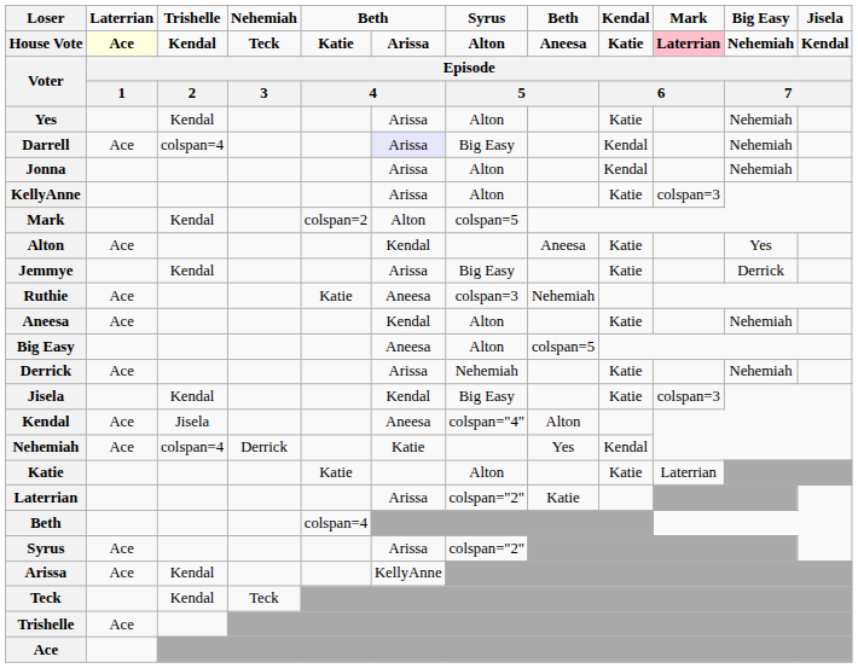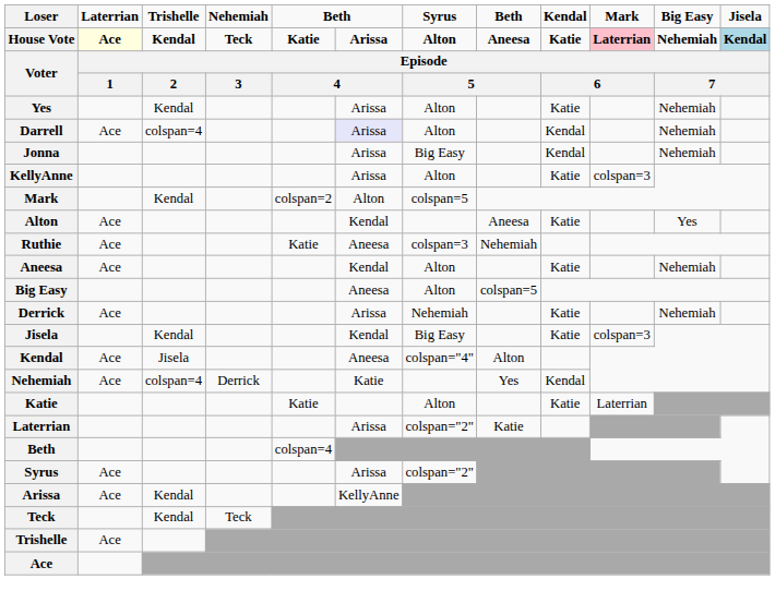 <table class="wikitable" style="text-align:center; font-size:90%; white-space:nowrap;">
 <tr>
 <th>Loser</th>
 <td><strong>Laterrian</strong><br></td>
 <td><strong>Trishelle</strong><br></td>
 <td><strong>Nehemiah</strong><br></td>
 <td colspan=2><strong>Beth</strong><br></td>
 <td><strong>Syrus</strong><br></td>
 <td><strong>Beth</strong><br></td>
 <td><strong>Kendal</strong><br></td>
 <td><strong>Mark</strong><br></td>
 <td><strong>Big Easy</strong><br></td>
 <td><strong>Jisela</strong><br></td>
 </tr>
 <tr>
 <th>House Vote</th>
 <td style="background: lightyellow;"><strong>Ace</strong><br></td>
 <td><strong>Kendal</strong><br></td>
 <td><strong>Teck</strong><br></td>
 <td><strong>Katie</strong><br></td>
 <td><strong>Arissa</strong><br></td>
 <td><strong>Alton</strong><br></td>
 <td><strong>Aneesa</strong><br></td>
 <td><strong>Katie</strong><br></td>
 <td style="background: pink;"><strong>Laterrian</strong><br></td>
 <td><strong>Nehemiah</strong><br></td>
-<td><strong>Kendal</strong><br></td>
+<td style="background: lightblue;"><strong>Kendal</strong><br></td>
 </tr>
 <tr>
 <th rowspan=2>Voter</th>
 <th colspan=11>Episode</th>
 </tr>
 <tr>
 <th>1</th>
 <th>2</th>
 <th>3</th>
 <th colspan="2">4</th>
 <th colspan="2">5</th>
 <th colspan="2">6</th>
 <th colspan="2">7</th>
 </tr>
 <tr>
 <th>Yes</th>
 <td></td>
 <td>Kendal</td>
 <td></td>
 <td></td>
 <td>Arissa</td>
 <td>Alton</td>
 <td></td>
 <td>Katie</td>
 <td></td>
 <td>Nehemiah</td>
 <td></td>
 </tr>
 <tr>
 <th>Darrell</th>
 <td>Ace</td>
 <td>colspan=4 </td>
 <td></td>
 <td></td>
 <td style="background: lavender;">Arissa</td>
-<td>Big Easy</td>
+<td>Alton</td>
 <td></td>
 <td>Kendal</td>
 <td></td>
 <td>Nehemiah</td>
 <td></td>
 </tr>
 <tr>
 <th>Jonna</th>
 <td></td>
 <td></td>
 <td></td>
 <td></td>
 <td>Arissa</td>
-<td>Alton</td>
+<td>Big Easy</td>
 <td></td>
 <td>Kendal</td>
 <td></td>
 <td>Nehemiah</td>
 <td></td>
 </tr>
 <tr>
 <th>KellyAnne</th>
 <td></td>
 <td></td>
 <td></td>
 <td></td>
 <td>Arissa</td>
 <td>Alton</td>
 <td></td>
 <td>Katie</td>
 <td>colspan=3 </td>
 </tr>
 <tr>
 <th>Mark</th>
 <td></td>
 <td>Kendal</td>
 <td></td>
 <td>colspan=2 </td>
 <td>Alton</td>
 <td>colspan=5 </td>
 </tr>
 <tr>
 <th>Alton</th>
 <td>Ace</td>
 <td></td>
 <td></td>
 <td></td>
 <td>Kendal</td>
 <td></td>
 <td>Aneesa</td>
 <td>Katie</td>
 <td></td>
 <td>Yes</td>
-<td></td>
-</tr>
-<tr>
-<th>Jemmye</th>
-<td></td>
-<td>Kendal</td>
-<td></td>
-<td></td>
-<td>Arissa</td>
-<td>Big Easy</td>
-<td></td>
-<td>Katie</td>
-<td></td>
-<td>Derrick</td>
 <td></td>
 </tr>
 <tr>
 <th>Ruthie</th>
 <td>Ace</td>
 <td></td>
 <td></td>
 <td>Katie</td>
 <td>Aneesa</td>
 <td>colspan=3 </td>
 <td>Nehemiah</td>
 <td></td>
 </tr>
 <tr>
 <th>Aneesa</th>
 <td>Ace</td>
 <td></td>
 <td></td>
 <td></td>
 <td>Kendal</td>
 <td>Alton</td>
 <td></td>
 <td>Katie</td>
 <td></td>
 <td>Nehemiah</td>
 <td></td>
 </tr>
 <tr>
 <th>Big Easy</th>
 <td></td>
 <td></td>
 <td></td>
 <td></td>
 <td>Aneesa</td>
 <td>Alton</td>
 <td>colspan=5 </td>
 </tr>
 <tr>
 <th>Derrick</th>
 <td>Ace</td>
 <td></td>
 <td></td>
 <td></td>
 <td>Arissa</td>
 <td>Nehemiah</td>
 <td></td>
 <td>Katie</td>
 <td></td>
 <td>Nehemiah</td>
 <td></td>
 </tr>
 <tr>
 <th>Jisela</th>
 <td></td>
 <td>Kendal</td>
 <td></td>
 <td></td>
 <td>Kendal</td>
 <td>Big Easy</td>
 <td></td>
 <td>Katie</td>
 <td>colspan=3 </td>
 </tr>
 <tr>
 <th>Kendal</th>
 <td>Ace</td>
 <td>Jisela</td>
 <td></td>
 <td></td>
 <td>Aneesa</td>
 <td>colspan="4" </td>
 <td>Alton</td>
 <td></td>
 </tr>
 <tr>
 <th>Nehemiah</th>
 <td>Ace</td>
 <td>colspan=4 </td>
 <td>Derrick</td>
 <td></td>
 <td>Katie</td>
 <td></td>
 <td>Yes</td>
 <td>Kendal</td>
 </tr>
 <tr>
 <th>Katie</th>
 <td></td>
 <td></td>
 <td></td>
 <td>Katie</td>
 <td></td>
 <td>Alton</td>
 <td></td>
 <td>Katie</td>
 <td>Laterrian</td>
 <td style="background:darkgray" colspan=2></td>
 </tr>
 <tr>
 <th>Laterrian</th>
 <td></td>
 <td></td>
 <td></td>
 <td></td>
 <td>Arissa</td>
 <td>colspan="2" </td>
 <td>Katie</td>
 <td></td>
 <td style="background:darkgray" colspan=2></td>
 </tr>
 <tr>
 <th>Beth</th>
 <td></td>
 <td></td>
 <td></td>
 <td>colspan=4 </td>
 <td style="background:darkgray" colspan=4></td>
 </tr>
 <tr>
 <th>Syrus</th>
 <td>Ace</td>
 <td></td>
 <td></td>
 <td></td>
 <td>Arissa</td>
 <td>colspan="2" </td>
 <td style="background:darkgray" colspan=4></td>
 </tr>
 <tr>
 <th>Arissa</th>
 <td>Ace</td>
 <td>Kendal</td>
 <td></td>
 <td></td>
 <td>KellyAnne</td>
 <td style="background:darkgray" colspan=6></td>
 </tr>
 <tr>
 <th>Teck</th>
 <td></td>
 <td>Kendal</td>
 <td>Teck</td>
 <td style="background:darkgray" colspan=8></td>
 </tr>
 <tr>
 <th>Trishelle</th>
 <td>Ace</td>
 <td></td>
 <td style="background:darkgray" colspan=9></td>
 </tr>
 <tr>
 <th>Ace</th>
 <td></td>
 <td style="background:darkgray" colspan=10></td>
 </tr>
 </table>
